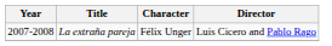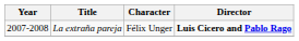 <table class="wikitable" style="font-size: 90%;">
 <tr>
 <th>Year</th>
 <th>Title</th>
 <th>Character</th>
 <th>Director</th>
 </tr>
 <tr>
 <td>2007-2008</td>
 <td><em>La extraña pareja</em></td>
 <td>Félix Unger</td>
-<td>Luis Cicero and <a href='#'>Pablo Rago</a></td>
+<td><strong>Luis Cicero and <a href='#'>Pablo Rago</a></strong></td>
 </tr>
 <tr>
 </tr>
 </table>
